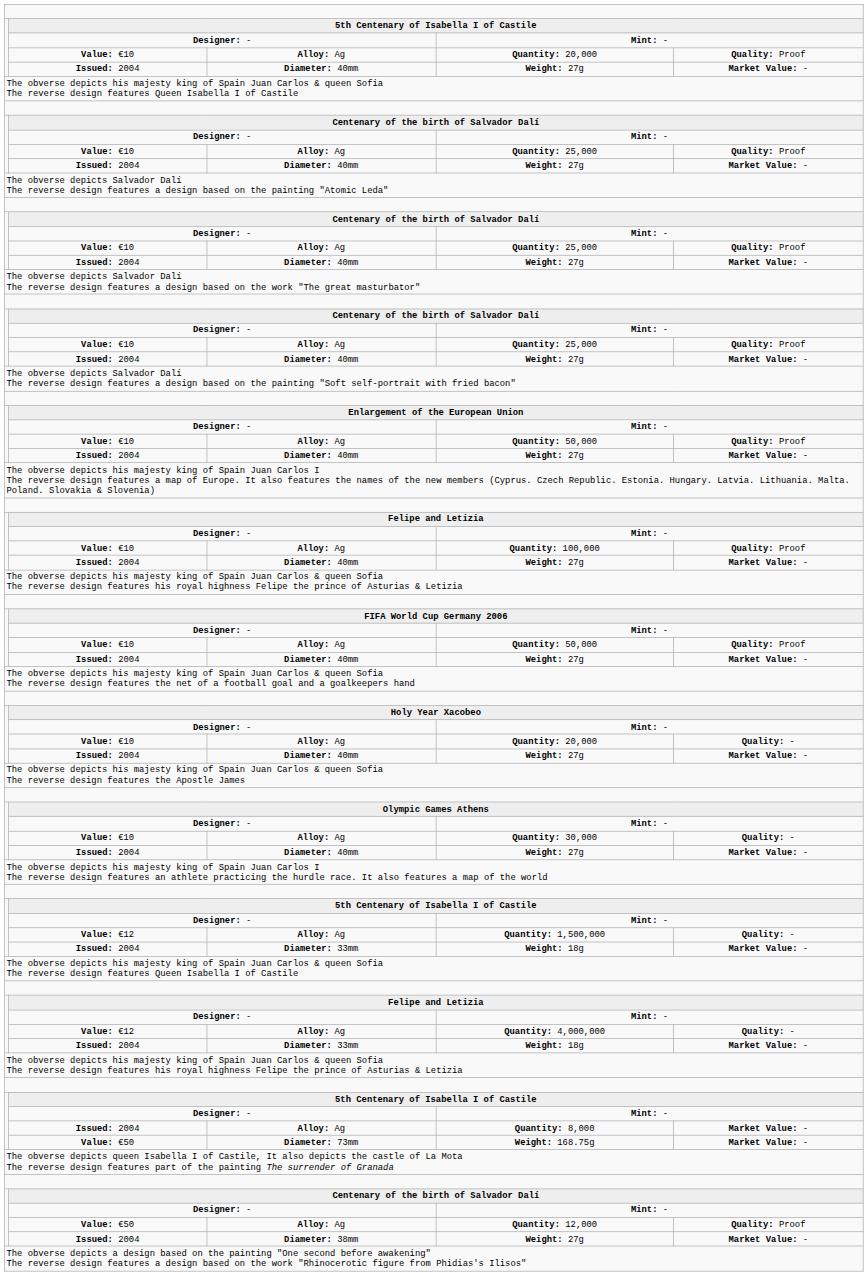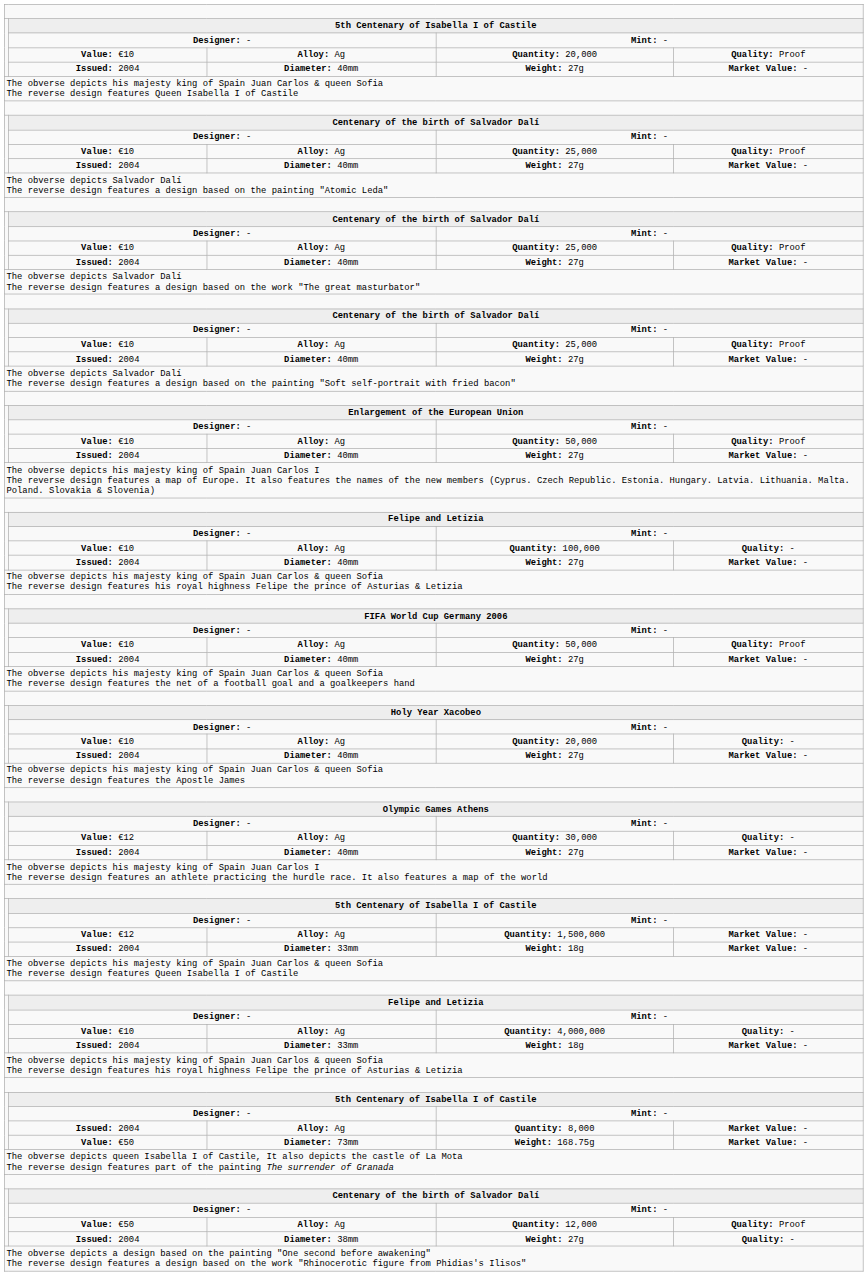 <table class="wikitable" style="width:100%;">
 <tr>
 <td colspan="5" style="text-align:left;"> </td>
 </tr>
 <tr>
 <td rowspan="4"  style="white-space:nowrap; width:330px; text-align:center;"></td>
 <th colspan="4"  style="text-align:center; background:#eee;">5th Centenary of Isabella I of Castile</th>
 </tr>
 <tr style="text-align:center;">
 <td colspan="2"  style="width:50%; "><strong>Designer:</strong> -</td>
 <td colspan="2"  style="width:50%; "><strong>Mint:</strong> -</td>
 </tr>
 <tr>
 <td align=center><strong>Value:</strong> €10</td>
 <td align=center><strong>Alloy:</strong> Ag</td>
 <td align=center><strong>Quantity:</strong> 20,000</td>
 <td align=center><strong>Quality:</strong> Proof</td>
 </tr>
 <tr>
 <td align=center><strong>Issued:</strong> 2004</td>
 <td align=center><strong>Diameter:</strong> 40mm</td>
 <td align=center><strong>Weight:</strong> 27g</td>
 <td align=center><strong>Market Value:</strong> -</td>
 </tr>
 <tr>
 <td colspan="5" style="text-align:left;">The obverse depicts his majesty king of Spain Juan Carlos & queen Sofia<br>The reverse design features Queen Isabella I of Castile</td>
 </tr>
 <tr>
 <td colspan="5" style="text-align:left;"> </td>
 </tr>
 <tr>
 <td rowspan="4"  style="white-space:nowrap; width:330px; text-align:center;"></td>
 <th colspan="4"  style="text-align:center; background:#eee;">Centenary of the birth of Salvador Dalí</th>
 </tr>
 <tr style="text-align:center;">
 <td colspan="2"  style="width:50%; "><strong>Designer:</strong> -</td>
 <td colspan="2"  style="width:50%; "><strong>Mint:</strong> -</td>
 </tr>
 <tr>
 <td align=center><strong>Value:</strong> €10</td>
 <td align=center><strong>Alloy:</strong> Ag</td>
 <td align=center><strong>Quantity:</strong> 25,000</td>
 <td align=center><strong>Quality:</strong> Proof</td>
 </tr>
 <tr>
 <td align=center><strong>Issued:</strong> 2004</td>
 <td align=center><strong>Diameter:</strong> 40mm</td>
 <td align=center><strong>Weight:</strong> 27g</td>
 <td align=center><strong>Market Value:</strong> -</td>
 </tr>
 <tr>
 <td colspan="5" style="text-align:left;">The obverse depicts Salvador Dalí<br>The reverse design features a design based on the painting "Atomic Leda"</td>
 </tr>
 <tr>
 <td colspan="5" style="text-align:left;"> </td>
 </tr>
 <tr>
 <td rowspan="4"  style="white-space:nowrap; width:330px; text-align:center;"></td>
 <th colspan="4"  style="text-align:center; background:#eee;">Centenary of the birth of Salvador Dalí</th>
 </tr>
 <tr style="text-align:center;">
 <td colspan="2"  style="width:50%; "><strong>Designer:</strong> -</td>
 <td colspan="2"  style="width:50%; "><strong>Mint:</strong> -</td>
 </tr>
 <tr>
 <td align=center><strong>Value:</strong> €10</td>
 <td align=center><strong>Alloy:</strong> Ag</td>
 <td align=center><strong>Quantity:</strong> 25,000</td>
 <td align=center><strong>Quality:</strong> Proof</td>
 </tr>
 <tr>
 <td align=center><strong>Issued:</strong> 2004</td>
 <td align=center><strong>Diameter:</strong> 40mm</td>
 <td align=center><strong>Weight:</strong> 27g</td>
 <td align=center><strong>Market Value:</strong> -</td>
 </tr>
 <tr>
 <td colspan="5" style="text-align:left;">The obverse depicts Salvador Dalí<br>The reverse design features a design based on the work "The great masturbator"</td>
 </tr>
 <tr>
 <td colspan="5" style="text-align:left;"> </td>
 </tr>
 <tr>
 <td rowspan="4"  style="white-space:nowrap; width:330px; text-align:center;"></td>
 <th colspan="4"  style="text-align:center; background:#eee;">Centenary of the birth of Salvador Dalí</th>
 </tr>
 <tr style="text-align:center;">
 <td colspan="2"  style="width:50%; "><strong>Designer:</strong> -</td>
 <td colspan="2"  style="width:50%; "><strong>Mint:</strong> -</td>
 </tr>
 <tr>
 <td align=center><strong>Value:</strong> €10</td>
 <td align=center><strong>Alloy:</strong> Ag</td>
 <td align=center><strong>Quantity:</strong> 25,000</td>
 <td align=center><strong>Quality:</strong> Proof</td>
 </tr>
 <tr>
 <td align=center><strong>Issued:</strong> 2004</td>
 <td align=center><strong>Diameter:</strong> 40mm</td>
 <td align=center><strong>Weight:</strong> 27g</td>
 <td align=center><strong>Market Value:</strong> -</td>
 </tr>
 <tr>
 <td colspan="5" style="text-align:left;">The obverse depicts Salvador Dalí<br>The reverse design features a design based on the painting "Soft self-portrait with fried bacon"</td>
 </tr>
 <tr>
 <td colspan="5" style="text-align:left;"> </td>
 </tr>
 <tr>
 <td rowspan="4"  style="white-space:nowrap; width:330px; text-align:center;"></td>
 <th colspan="4"  style="text-align:center; background:#eee;">Enlargement of the European Union</th>
 </tr>
 <tr style="text-align:center;">
 <td colspan="2"  style="width:50%; "><strong>Designer:</strong> -</td>
 <td colspan="2"  style="width:50%; "><strong>Mint:</strong> -</td>
 </tr>
 <tr>
 <td align=center><strong>Value:</strong> €10</td>
 <td align=center><strong>Alloy:</strong> Ag</td>
 <td align=center><strong>Quantity:</strong> 50,000</td>
 <td align=center><strong>Quality:</strong> Proof</td>
 </tr>
 <tr>
 <td align=center><strong>Issued:</strong> 2004</td>
 <td align=center><strong>Diameter:</strong> 40mm</td>
 <td align=center><strong>Weight:</strong> 27g</td>
 <td align=center><strong>Market Value:</strong> -</td>
 </tr>
 <tr>
 <td colspan="5" style="text-align:left;">The obverse depicts his majesty king of Spain Juan Carlos I<br>The reverse design features a map of Europe. It also features the names of the new members (Cyprus. Czech Republic. Estonia. Hungary. Latvia. Lithuania. Malta. Poland. Slovakia & Slovenia)</td>
 </tr>
 <tr>
 <td colspan="5" style="text-align:left;"> </td>
 </tr>
 <tr>
 <td rowspan="4"  style="white-space:nowrap; width:330px; text-align:center;"></td>
 <th colspan="4"  style="text-align:center; background:#eee;">Felipe and Letizia</th>
 </tr>
 <tr style="text-align:center;">
 <td colspan="2"  style="width:50%; "><strong>Designer:</strong> -</td>
 <td colspan="2"  style="width:50%; "><strong>Mint:</strong> -</td>
 </tr>
 <tr>
 <td align=center><strong>Value:</strong> €10</td>
 <td align=center><strong>Alloy:</strong> Ag</td>
 <td align=center><strong>Quantity:</strong> 100,000</td>
-<td align=center><strong>Quality:</strong> Proof</td>
+<td align=center><strong>Quality:</strong> -</td>
 </tr>
 <tr>
 <td align=center><strong>Issued:</strong> 2004</td>
 <td align=center><strong>Diameter:</strong> 40mm</td>
 <td align=center><strong>Weight:</strong> 27g</td>
 <td align=center><strong>Market Value:</strong> -</td>
 </tr>
 <tr>
 <td colspan="5" style="text-align:left;">The obverse depicts his majesty king of Spain Juan Carlos & queen Sofia<br>The reverse design features his royal highness Felipe the prince of Asturias & Letizia</td>
 </tr>
 <tr>
 <td colspan="5" style="text-align:left;"> </td>
 </tr>
 <tr>
 <td rowspan="4"  style="white-space:nowrap; width:330px; text-align:center;"></td>
 <th colspan="4"  style="text-align:center; background:#eee;">FIFA World Cup Germany 2006</th>
 </tr>
 <tr style="text-align:center;">
 <td colspan="2"  style="width:50%; "><strong>Designer:</strong> -</td>
 <td colspan="2"  style="width:50%; "><strong>Mint:</strong> -</td>
 </tr>
 <tr>
 <td align=center><strong>Value:</strong> €10</td>
 <td align=center><strong>Alloy:</strong> Ag</td>
 <td align=center><strong>Quantity:</strong> 50,000</td>
 <td align=center><strong>Quality:</strong> Proof</td>
 </tr>
 <tr>
 <td align=center><strong>Issued:</strong> 2004</td>
 <td align=center><strong>Diameter:</strong> 40mm</td>
 <td align=center><strong>Weight:</strong> 27g</td>
 <td align=center><strong>Market Value:</strong> -</td>
 </tr>
 <tr>
 <td colspan="5" style="text-align:left;">The obverse depicts his majesty king of Spain Juan Carlos & queen Sofia<br>The reverse design features the net of a football goal and a goalkeepers hand</td>
 </tr>
 <tr>
 <td colspan="5" style="text-align:left;"> </td>
 </tr>
 <tr>
 <td rowspan="4"  style="white-space:nowrap; width:330px; text-align:center;"></td>
 <th colspan="4"  style="text-align:center; background:#eee;">Holy Year Xacobeo</th>
 </tr>
 <tr style="text-align:center;">
 <td colspan="2"  style="width:50%; "><strong>Designer:</strong> -</td>
 <td colspan="2"  style="width:50%; "><strong>Mint:</strong> -</td>
 </tr>
 <tr>
 <td align=center><strong>Value:</strong> €10</td>
 <td align=center><strong>Alloy:</strong> Ag</td>
 <td align=center><strong>Quantity:</strong> 20,000</td>
 <td align=center><strong>Quality:</strong> -</td>
 </tr>
 <tr>
 <td align=center><strong>Issued:</strong> 2004</td>
 <td align=center><strong>Diameter:</strong> 40mm</td>
 <td align=center><strong>Weight:</strong> 27g</td>
 <td align=center><strong>Market Value:</strong> -</td>
 </tr>
 <tr>
 <td colspan="5" style="text-align:left;">The obverse depicts his majesty king of Spain Juan Carlos & queen Sofia<br>The reverse design features the Apostle James</td>
 </tr>
 <tr>
 <td colspan="5" style="text-align:left;"> </td>
 </tr>
 <tr>
 <td rowspan="4"  style="white-space:nowrap; width:330px; text-align:center;"></td>
 <th colspan="4"  style="text-align:center; background:#eee;">Olympic Games Athens</th>
 </tr>
 <tr style="text-align:center;">
 <td colspan="2"  style="width:50%; "><strong>Designer:</strong> -</td>
 <td colspan="2"  style="width:50%; "><strong>Mint:</strong> -</td>
 </tr>
 <tr>
-<td align=center><strong>Value:</strong> €10</td>
+<td align=center><strong>Value:</strong> €12</td>
 <td align=center><strong>Alloy:</strong> Ag</td>
 <td align=center><strong>Quantity:</strong> 30,000</td>
 <td align=center><strong>Quality:</strong> -</td>
 </tr>
 <tr>
 <td align=center><strong>Issued:</strong> 2004</td>
 <td align=center><strong>Diameter:</strong> 40mm</td>
 <td align=center><strong>Weight:</strong> 27g</td>
 <td align=center><strong>Market Value:</strong> -</td>
 </tr>
 <tr>
 <td colspan="5" style="text-align:left;">The obverse depicts his majesty king of Spain Juan Carlos I<br>The reverse design features an athlete practicing the hurdle race. It also features a map of the world</td>
 </tr>
 <tr>
 <td colspan="5" style="text-align:left;"> </td>
 </tr>
 <tr>
 <td rowspan="4"  style="white-space:nowrap; width:330px; text-align:center;"></td>
 <th colspan="4"  style="text-align:center; background:#eee;">5th Centenary of Isabella I of Castile</th>
 </tr>
 <tr style="text-align:center;">
 <td colspan="2"  style="width:50%; "><strong>Designer:</strong> -</td>
 <td colspan="2"  style="width:50%; "><strong>Mint:</strong> -</td>
 </tr>
 <tr>
 <td align=center><strong>Value:</strong> €12</td>
 <td align=center><strong>Alloy:</strong> Ag</td>
 <td align=center><strong>Quantity:</strong> 1,500,000</td>
-<td align=center><strong>Quality:</strong> -</td>
+<td align=center><strong>Market Value:</strong> -</td>
 </tr>
 <tr>
 <td align=center><strong>Issued:</strong> 2004</td>
 <td align=center><strong>Diameter:</strong> 33mm</td>
 <td align=center><strong>Weight:</strong> 18g</td>
 <td align=center><strong>Market Value:</strong> -</td>
 </tr>
 <tr>
 <td colspan="5" style="text-align:left;">The obverse depicts his majesty king of Spain Juan Carlos & queen Sofia<br>The reverse design features Queen Isabella I of Castile</td>
 </tr>
 <tr>
 <td colspan="5" style="text-align:left;"> </td>
 </tr>
 <tr>
 <td rowspan="4"  style="white-space:nowrap; width:330px; text-align:center;"></td>
 <th colspan="4"  style="text-align:center; background:#eee;">Felipe and Letizia</th>
 </tr>
 <tr style="text-align:center;">
 <td colspan="2"  style="width:50%; "><strong>Designer:</strong> -</td>
 <td colspan="2"  style="width:50%; "><strong>Mint:</strong> -</td>
 </tr>
 <tr>
-<td align=center><strong>Value:</strong> €12</td>
+<td align=center><strong>Value:</strong> €10</td>
 <td align=center><strong>Alloy:</strong> Ag</td>
 <td align=center><strong>Quantity:</strong> 4,000,000</td>
 <td align=center><strong>Quality:</strong> -</td>
 </tr>
 <tr>
 <td align=center><strong>Issued:</strong> 2004</td>
 <td align=center><strong>Diameter:</strong> 33mm</td>
 <td align=center><strong>Weight:</strong> 18g</td>
 <td align=center><strong>Market Value:</strong> -</td>
 </tr>
 <tr>
 <td colspan="5" style="text-align:left;">The obverse depicts his majesty king of Spain Juan Carlos & queen Sofia<br>The reverse design features his royal highness Felipe the prince of Asturias & Letizia</td>
 </tr>
 <tr>
 <td colspan="5" style="text-align:left;"> </td>
 </tr>
 <tr>
 <td rowspan="4"  style="white-space:nowrap; width:330px; text-align:center;"></td>
 <th colspan="4"  style="text-align:center; background:#eee;">5th Centenary of Isabella I of Castile</th>
 </tr>
 <tr style="text-align:center;">
 <td colspan="2"  style="width:50%; "><strong>Designer:</strong> -</td>
 <td colspan="2"  style="width:50%; "><strong>Mint:</strong> -</td>
 </tr>
 <tr>
 <td align=center><strong>Issued:</strong> 2004</td>
 <td align=center><strong>Alloy:</strong> Ag</td>
 <td align=center><strong>Quantity:</strong> 8,000</td>
 <td align=center><strong>Market Value:</strong> -</td>
 </tr>
 <tr>
 <td align=center><strong>Value:</strong> €50</td>
 <td align=center><strong>Diameter:</strong> 73mm</td>
 <td align=center><strong>Weight:</strong> 168.75g</td>
 <td align=center><strong>Market Value:</strong> -</td>
 </tr>
 <tr>
 <td colspan="5" style="text-align:left;">The obverse depicts queen Isabella I of Castile, It also depicts the castle of La Mota<br>The reverse design features part of the painting <em>The surrender of Granada</em></td>
 </tr>
 <tr>
 <td colspan="5" style="text-align:left;"> </td>
 </tr>
 <tr>
 <td rowspan="4"  style="white-space:nowrap; width:330px; text-align:center;"></td>
 <th colspan="4"  style="text-align:center; background:#eee;">Centenary of the birth of Salvador Dalí</th>
 </tr>
 <tr style="text-align:center;">
 <td colspan="2"  style="width:50%; "><strong>Designer:</strong> -</td>
 <td colspan="2"  style="width:50%; "><strong>Mint:</strong> -</td>
 </tr>
 <tr>
 <td align=center><strong>Value:</strong> €50</td>
 <td align=center><strong>Alloy:</strong> Ag</td>
 <td align=center><strong>Quantity:</strong> 12,000</td>
 <td align=center><strong>Quality:</strong> Proof</td>
 </tr>
 <tr>
 <td align=center><strong>Issued:</strong> 2004</td>
 <td align=center><strong>Diameter:</strong> 38mm</td>
 <td align=center><strong>Weight:</strong> 27g</td>
-<td align=center><strong>Market Value:</strong> -</td>
+<td align=center><strong>Quality:</strong> -</td>
 </tr>
 <tr>
 <td colspan="5" style="text-align:left;">The obverse depicts a design based on the painting "One second before awakening"<br>The reverse design features a design based on the work "Rhinocerotic figure from Phidias's Ilisos"</td>
 </tr>
 </table>
